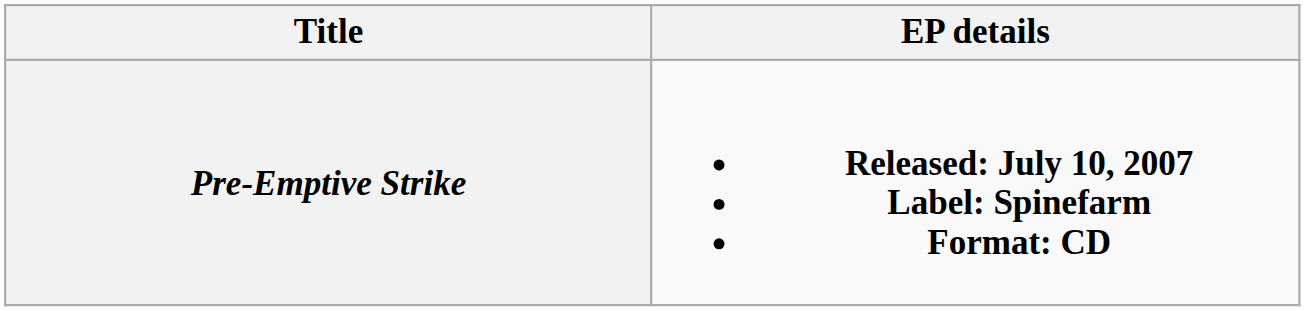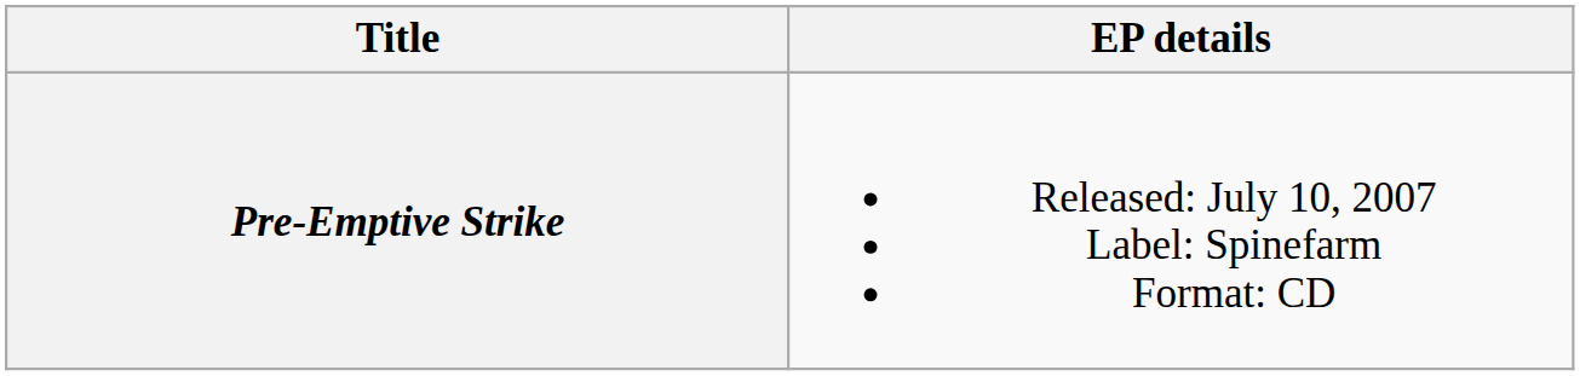 <table class="wikitable plainrowheaders" style="text-align:center;">
 <tr>
 <th scope="col" style="width:18em;">Title</th>
 <th scope="col" style="width:18em;">EP details</th>
 </tr>
 <tr>
 <th scope="row"><em>Pre-Emptive Strike</em></th>
-<td><strong><br><ul><li>Released: July 10, 2007</li><li>Label: Spinefarm</li><li>Format: CD</li></ul></strong></td>
+<td><br><ul><li>Released: July 10, 2007</li><li>Label: Spinefarm</li><li>Format: CD</li></ul></td>
 </tr>
 </table>
